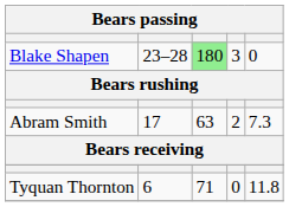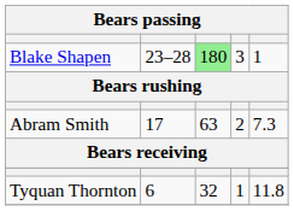 <table class="wikitable plainrowheaders">
 <tr>
 <th colspan="6">Bears passing</th>
 </tr>
 <tr>
 <th scope="col"></th>
 <th scope="col"></th>
 <th scope="col"></th>
 <th scope="col"></th>
 <th scope="col"></th>
 </tr>
 <tr>
 <td><a href='#'>Blake Shapen</a></td>
 <td>23–28</td>
 <td style="background: lightgreen;">180</td>
 <td>3</td>
-<td>0</td>
+<td>1</td>
 </tr>
 <tr>
 <th colspan="6">Bears rushing</th>
 </tr>
 <tr>
 <th scope="col"></th>
 <th scope="col"></th>
 <th scope="col"></th>
 <th scope="col"></th>
 <th scope="col"></th>
 </tr>
 <tr>
 <td>Abram Smith</td>
 <td>17</td>
 <td>63</td>
 <td>2</td>
 <td>7.3</td>
 </tr>
 <tr>
 <th colspan="6">Bears receiving</th>
 </tr>
 <tr>
 </tr>
 <tr>
 <th scope="col"></th>
 <th scope="col"></th>
 <th scope="col"></th>
 <th scope="col"></th>
 <th scope="col"></th>
 </tr>
 <tr>
 <td>Tyquan Thornton</td>
 <td>6</td>
-<td>71</td>
-<td>0</td>
+<td>32</td>
+<td>1</td>
 <td>11.8</td>
 </tr>
 <tr>
 </tr>
 </table>
